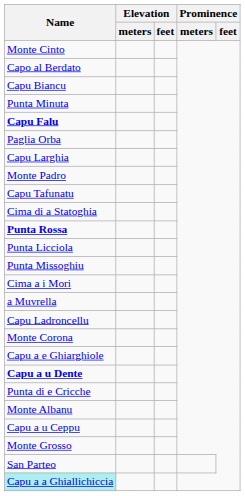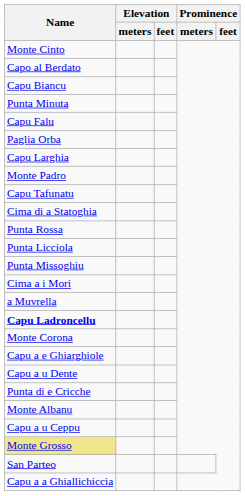 <table class="wikitable sortable">
 <tr>
 <th rowspan=2>Name</th>
 <th colspan=2>Elevation</th>
 <th colspan=2>Prominence</th>
 </tr>
 <tr>
 <th>meters</th>
 <th>feet</th>
 <th>meters</th>
 <th>feet</th>
 </tr>
 <tr>
 <td><a href='#'>Monte Cinto</a></td>
 <td></td>
 <td></td>
 </tr>
 <tr>
 <td><a href='#'>Capo al Berdato</a></td>
 <td></td>
 <td></td>
 </tr>
 <tr>
 <td><a href='#'>Capu Biancu</a></td>
 <td></td>
 <td></td>
 </tr>
 <tr>
 <td><a href='#'>Punta Minuta</a></td>
 <td></td>
 <td></td>
 </tr>
 <tr>
-<td><strong><a href='#'>Capu Falu</a></strong></td>
+<td><a href='#'>Capu Falu</a></td>
 <td></td>
 <td></td>
 </tr>
 <tr>
 <td><a href='#'>Paglia Orba</a></td>
 <td></td>
 <td></td>
 </tr>
 <tr>
 <td><a href='#'>Capu Larghia</a></td>
 <td></td>
 <td></td>
 </tr>
 <tr>
 <td><a href='#'>Monte Padro</a></td>
 <td></td>
 <td></td>
 </tr>
 <tr>
 <td><a href='#'>Capu Tafunatu</a></td>
 <td></td>
 <td></td>
 </tr>
 <tr>
 <td><a href='#'>Cima di a Statoghia</a></td>
 <td></td>
 <td></td>
 </tr>
 <tr>
-<td><strong><a href='#'>Punta Rossa</a></strong></td>
+<td><a href='#'>Punta Rossa</a></td>
 <td></td>
 <td></td>
 </tr>
 <tr>
 <td><a href='#'>Punta Licciola</a></td>
 <td></td>
 <td></td>
 </tr>
 <tr>
 <td><a href='#'>Punta Missoghiu</a></td>
 <td></td>
 <td></td>
 </tr>
 <tr>
 <td><a href='#'>Cima a i Mori</a></td>
 <td></td>
 <td></td>
 </tr>
 <tr>
 <td><a href='#'>a Muvrella</a></td>
 <td></td>
 <td></td>
 </tr>
 <tr>
-<td><a href='#'>Capu Ladroncellu</a></td>
+<td><strong><a href='#'>Capu Ladroncellu</a></strong></td>
 <td></td>
 <td></td>
 </tr>
 <tr>
 <td><a href='#'>Monte Corona</a></td>
 <td></td>
 <td></td>
 </tr>
 <tr>
 <td><a href='#'>Capu a e Ghiarghiole</a></td>
 <td></td>
 <td></td>
 </tr>
 <tr>
-<td><strong><a href='#'>Capu a u Dente</a></strong></td>
+<td><a href='#'>Capu a u Dente</a></td>
 <td></td>
 <td></td>
 </tr>
 <tr>
 <td><a href='#'>Punta di e Cricche</a></td>
 <td></td>
 <td></td>
 </tr>
 <tr>
 <td><a href='#'>Monte Albanu</a></td>
 <td></td>
 <td></td>
 </tr>
 <tr>
 <td><a href='#'>Capu a u Ceppu</a></td>
 <td></td>
 <td></td>
 </tr>
 <tr>
-<td><a href='#'>Monte Grosso</a></td>
+<td style="background: khaki;"><a href='#'>Monte Grosso</a></td>
 <td></td>
 <td></td>
 </tr>
 <tr>
 <td><a href='#'>San Parteo</a></td>
 <td></td>
 <td></td>
 <td></td>
 </tr>
 <tr>
-<td style="background: paleturquoise;"><a href='#'>Capu a a Ghiallichiccia</a></td>
+<td><a href='#'>Capu a a Ghiallichiccia</a></td>
 <td></td>
 <td></td>
 </tr>
 </table>
